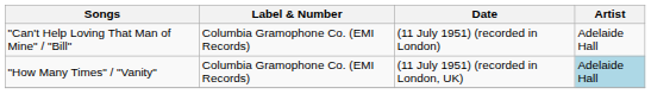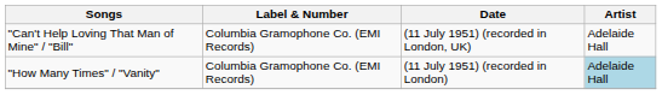 <table class="wikitable sortable" border="1" |}>
 <tr>
 <th>Songs</th>
 <th>Label & Number</th>
 <th>Date</th>
 <th>Artist</th>
 </tr>
 <tr>
 <td>"Can't Help Loving That Man of Mine" / "Bill"</td>
 <td>Columbia Gramophone Co. (EMI Records)</td>
-<td>(11 July 1951) (recorded in London)</td>
+<td>(11 July 1951) (recorded in London, UK)</td>
 <td>Adelaide Hall</td>
 </tr>
 <tr>
 <td>"How Many Times" / "Vanity"</td>
 <td>Columbia Gramophone Co. (EMI Records)</td>
-<td>(11 July 1951) (recorded in London, UK)</td>
+<td>(11 July 1951) (recorded in London)</td>
 <td style="background: lightblue;">Adelaide Hall</td>
 </tr>
 <tr>
 </tr>
 </table>
